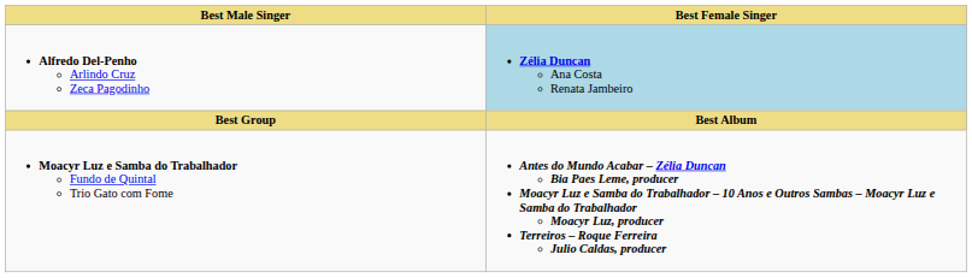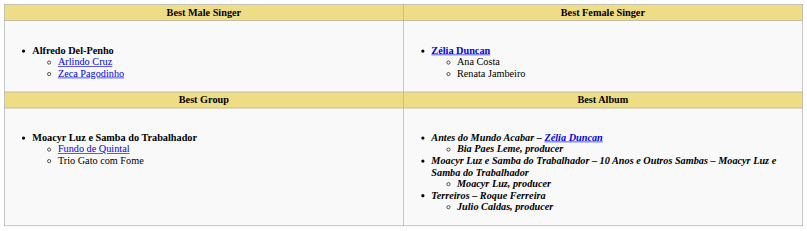 <table class="wikitable" style="width=">
 <tr>
 <th style="background:#EEDD85; width:50%">Best Male Singer</th>
 <th style="background:#EEDD85; width:50%">Best Female Singer</th>
 </tr>
 <tr>
 <td style="vertical-align:top"><br><ul><li><strong>Alfredo Del-Penho</strong><ul><li><a href='#'>Arlindo Cruz</a></li><li><a href='#'>Zeca Pagodinho</a></li></ul></li></ul></td>
-<td style="background: lightblue; vertical-align:top"><br><ul><li><strong><a href='#'>Zélia Duncan</a></strong><ul><li>Ana Costa</li><li>Renata Jambeiro</li></ul></li></ul></td>
+<td style="vertical-align:top"><br><ul><li><strong><a href='#'>Zélia Duncan</a></strong><ul><li>Ana Costa</li><li>Renata Jambeiro</li></ul></li></ul></td>
 </tr>
 <tr>
 <th style="background:#EEDD85; width:50%">Best Group</th>
 <th style="background:#EEDD85; width:50%">Best Album</th>
 </tr>
 <tr>
 <td style="vertical-align:top"><br><ul><li><strong>Moacyr Luz e Samba do Trabalhador</strong><ul><li><a href='#'>Fundo de Quintal</a></li><li>Trio Gato com Fome</li></ul></li></ul></td>
 <td style="vertical-align:top"><br><ul><li><strong><em>Antes do Mundo Acabar<em> – <a href='#'>Zélia Duncan</a><strong><ul><li></strong>Bia Paes Leme, producer<strong></li></ul></li><li></em>Moacyr Luz e Samba do Trabalhador – 10 Anos e Outros Sambas<em> – Moacyr Luz e Samba do Trabalhador<ul><li>Moacyr Luz, producer</li></ul></li><li></em>Terreiros<em> – Roque Ferreira<ul><li>Julio Caldas, producer</li></ul></li></ul></td>
 </tr>
 </table>
